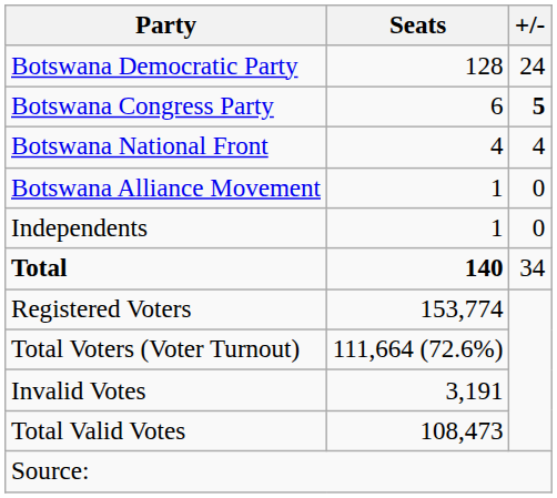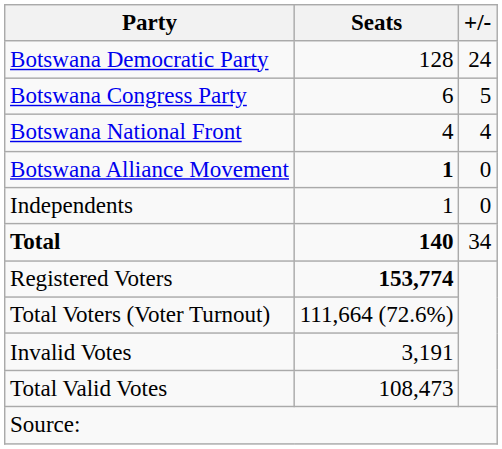 <table class=wikitable style=text-align:right>
 <tr>
 <th>Party</th>
 <th>Seats</th>
 <th>+/-</th>
 </tr>
 <tr>
 <td align=left><a href='#'>Botswana Democratic Party</a></td>
 <td>128</td>
 <td>24</td>
 </tr>
 <tr>
 <td align=left><a href='#'>Botswana Congress Party</a></td>
 <td>6</td>
-<td><strong>5</strong></td>
+<td>5</td>
 </tr>
 <tr>
 <td align=left><a href='#'>Botswana National Front</a></td>
 <td>4</td>
 <td>4</td>
 </tr>
 <tr>
 <td align=left><a href='#'>Botswana Alliance Movement</a></td>
-<td>1</td>
+<td><strong>1</strong></td>
 <td>0</td>
 </tr>
 <tr>
 <td align=left>Independents</td>
 <td>1</td>
 <td>0</td>
 </tr>
 <tr>
 <td align=left><strong>Total</strong></td>
 <td><strong>140</strong></td>
 <td>34</td>
 </tr>
 <tr>
 <td align=left>Registered Voters</td>
-<td>153,774</td>
+<td><strong>153,774</strong></td>
 </tr>
 <tr>
 <td align=left>Total Voters (Voter Turnout)</td>
 <td>111,664 (72.6%)</td>
 </tr>
 <tr>
 <td align=left>Invalid Votes</td>
 <td>3,191</td>
 </tr>
 <tr>
 <td align=left>Total Valid Votes</td>
 <td>108,473</td>
 </tr>
 <tr>
 <td colspan=4 align=left>Source: </td>
 </tr>
 </table>
